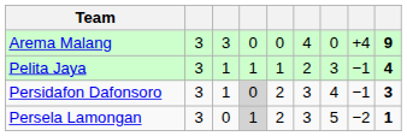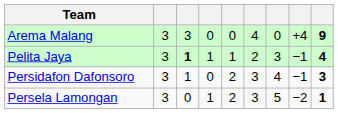 <table class="wikitable" style="text-align:center">
 <tr>
 <th style="width:175px;">Team</th>
 <th width="20"></th>
 <th width="20"></th>
 <th width="20"></th>
 <th width="20"></th>
 <th width="20"></th>
 <th width="20"></th>
 <th width="20"></th>
 <th width="20"></th>
 </tr>
 <tr style="background:#cfc;">
 <td align=left><a href='#'>Arema Malang</a></td>
 <td>3</td>
 <td>3</td>
 <td>0</td>
 <td>0</td>
 <td>4</td>
 <td>0</td>
 <td>+4</td>
 <td><strong>9</strong></td>
 </tr>
 <tr style="background:#cfc;">
 <td align=left><a href='#'>Pelita Jaya</a></td>
 <td>3</td>
-<td>1</td>
+<td><strong>1</strong></td>
 <td>1</td>
 <td>1</td>
 <td>2</td>
 <td>3</td>
 <td>−1</td>
 <td><strong>4</strong></td>
 </tr>
 <tr>
 <td align=left><a href='#'>Persidafon Dafonsoro</a></td>
 <td>3</td>
 <td>1</td>
-<td style="background: lightgrey;">0</td>
+<td>0</td>
 <td>2</td>
 <td>3</td>
 <td>4</td>
 <td>−1</td>
 <td><strong>3</strong></td>
 </tr>
 <tr>
 <td align=left><a href='#'>Persela Lamongan</a></td>
 <td>3</td>
 <td>0</td>
-<td style="background: lightgrey;">1</td>
+<td>1</td>
 <td>2</td>
 <td>3</td>
 <td>5</td>
 <td>−2</td>
 <td><strong>1</strong></td>
 </tr>
 </table>
